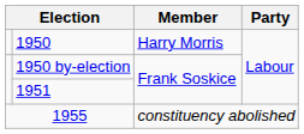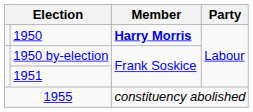 <table class="wikitable">
 <tr>
 <th colspan="2">Election</th>
 <th>Member</th>
 <th>Party</th>
 </tr>
 <tr>
 <td style="color:inherit;background-color: "></td>
 <td><a href='#'>1950</a></td>
-<td><a href='#'>Harry Morris</a></td>
+<td><strong><a href='#'>Harry Morris</a></strong></td>
 <td rowspan="3"><a href='#'>Labour</a></td>
 </tr>
 <tr>
 <td rowspan="2" style="color:inherit;background-color: "></td>
 <td><a href='#'>1950 by-election</a></td>
 <td rowspan="2"><a href='#'>Frank Soskice</a></td>
 </tr>
 <tr>
 <td><a href='#'>1951</a></td>
 </tr>
 <tr>
 <td colspan="2" align="center"><a href='#'>1955</a></td>
 <td colspan="2"><em>constituency abolished</em></td>
 </tr>
 </table>
